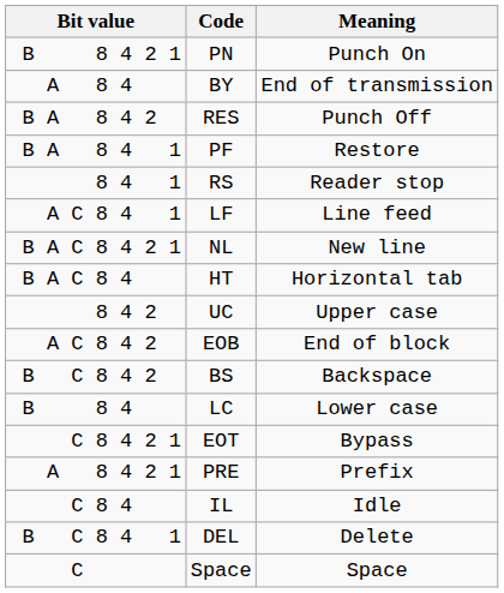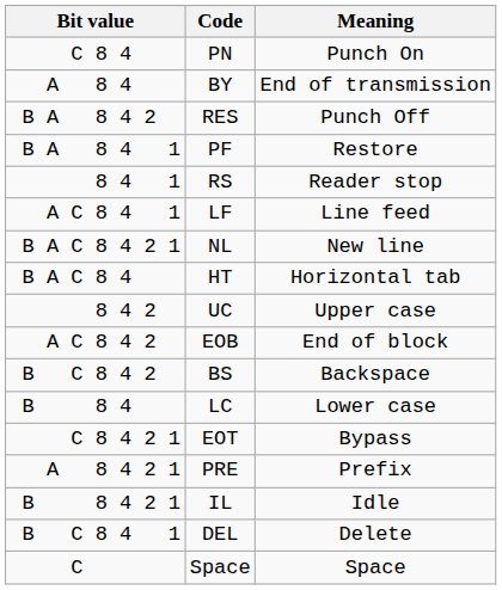 <table class="wikitable" style="text-align: center; font-family: 'Courier New';">
 <tr style="font-family:noset;">
 <th>Bit value</th>
 <th>Code</th>
 <th>Meaning</th>
 </tr>
 <tr>
-<td> B     8 4 2 1</td>
+<td>     C 8 4    </td>
 <td>PN</td>
 <td>Punch On</td>
 </tr>
 <tr>
 <td>   A   8 4    </td>
 <td>BY</td>
 <td>End of transmission </td>
 </tr>
 <tr>
 <td> B A   8 4 2  </td>
 <td>RES</td>
 <td>Punch Off</td>
 </tr>
 <tr>
 <td> B A   8 4   1</td>
 <td>PF</td>
 <td>Restore</td>
 </tr>
 <tr>
 <td>       8 4   1</td>
 <td>RS</td>
 <td>Reader stop</td>
 </tr>
 <tr>
 <td>   A C 8 4   1</td>
 <td>LF</td>
 <td>Line feed</td>
 </tr>
 <tr>
 <td> B A C 8 4 2 1</td>
 <td>NL</td>
 <td>New line</td>
 </tr>
 <tr>
 <td> B A C 8 4    </td>
 <td>HT</td>
 <td>Horizontal tab</td>
 </tr>
 <tr>
 <td>       8 4 2  </td>
 <td>UC</td>
 <td>Upper case</td>
 </tr>
 <tr>
 <td>   A C 8 4 2  </td>
 <td>EOB</td>
 <td>End of block</td>
 </tr>
 <tr>
 <td> B   C 8 4 2  </td>
 <td>BS</td>
 <td>Backspace</td>
 </tr>
 <tr>
 <td> B     8 4    </td>
 <td>LC</td>
 <td>Lower case</td>
 </tr>
 <tr>
 <td>     C 8 4 2 1</td>
 <td>EOT</td>
 <td>Bypass</td>
 </tr>
 <tr>
 <td>   A   8 4 2 1</td>
 <td>PRE</td>
 <td>Prefix</td>
 </tr>
 <tr>
-<td>     C 8 4    </td>
+<td> B     8 4 2 1</td>
 <td>IL</td>
 <td>Idle</td>
 </tr>
 <tr>
 <td> B   C 8 4   1</td>
 <td>DEL</td>
 <td>Delete</td>
 </tr>
 <tr>
 <td>     C        </td>
 <td>Space</td>
 <td>Space</td>
 </tr>
 </table>
